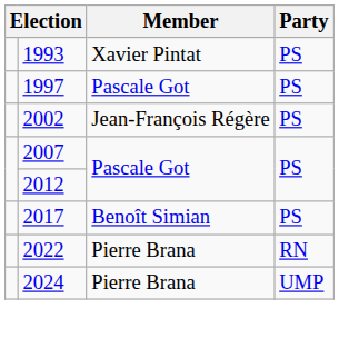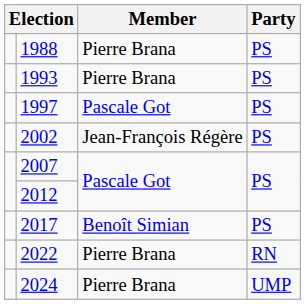 <table class="wikitable">
 <tr>
 <th colspan="2">Election</th>
 <th>Member</th>
 <th>Party</th>
 </tr>
 <tr>
 <td style="color:inherit;background-color: "></td>
+<td><a href='#'>1988</a></td>
+<td>Pierre Brana</td>
+<td><a href='#'>PS</a></td>
+</tr>
+<tr>
+<td style="color:inherit;background-color: "></td>
 <td><a href='#'>1993</a></td>
-<td>Xavier Pintat</td>
+<td>Pierre Brana</td>
 <td><a href='#'>PS</a></td>
 </tr>
 <tr>
 <td style="color:inherit;background-color: "></td>
 <td><a href='#'>1997</a></td>
 <td><a href='#'>Pascale Got</a></td>
 <td><a href='#'>PS</a></td>
 </tr>
 <tr>
 <td style="color:inherit;background-color: "></td>
 <td><a href='#'>2002</a></td>
 <td>Jean-François Régère</td>
 <td><a href='#'>PS</a></td>
 </tr>
 <tr>
 <td rowspan=2 style="color:inherit;background-color: "></td>
 <td><a href='#'>2007</a></td>
 <td rowspan=2><a href='#'>Pascale Got</a></td>
 <td rowspan=2><a href='#'>PS</a></td>
 </tr>
 <tr>
 <td><a href='#'>2012</a></td>
 </tr>
 <tr>
 <td style="color:inherit;background-color: "></td>
 <td><a href='#'>2017</a></td>
 <td><a href='#'>Benoît Simian</a></td>
 <td><a href='#'>PS</a></td>
 </tr>
 <tr>
 <td style="color:inherit;background-color: "></td>
 <td><a href='#'>2022</a></td>
 <td>Pierre Brana</td>
 <td><a href='#'>RN</a></td>
 </tr>
 <tr>
 <td style="color:inherit;background-color: "></td>
 <td><a href='#'>2024</a></td>
 <td>Pierre Brana</td>
 <td><a href='#'>UMP</a></td>
 </tr>
 </table>
